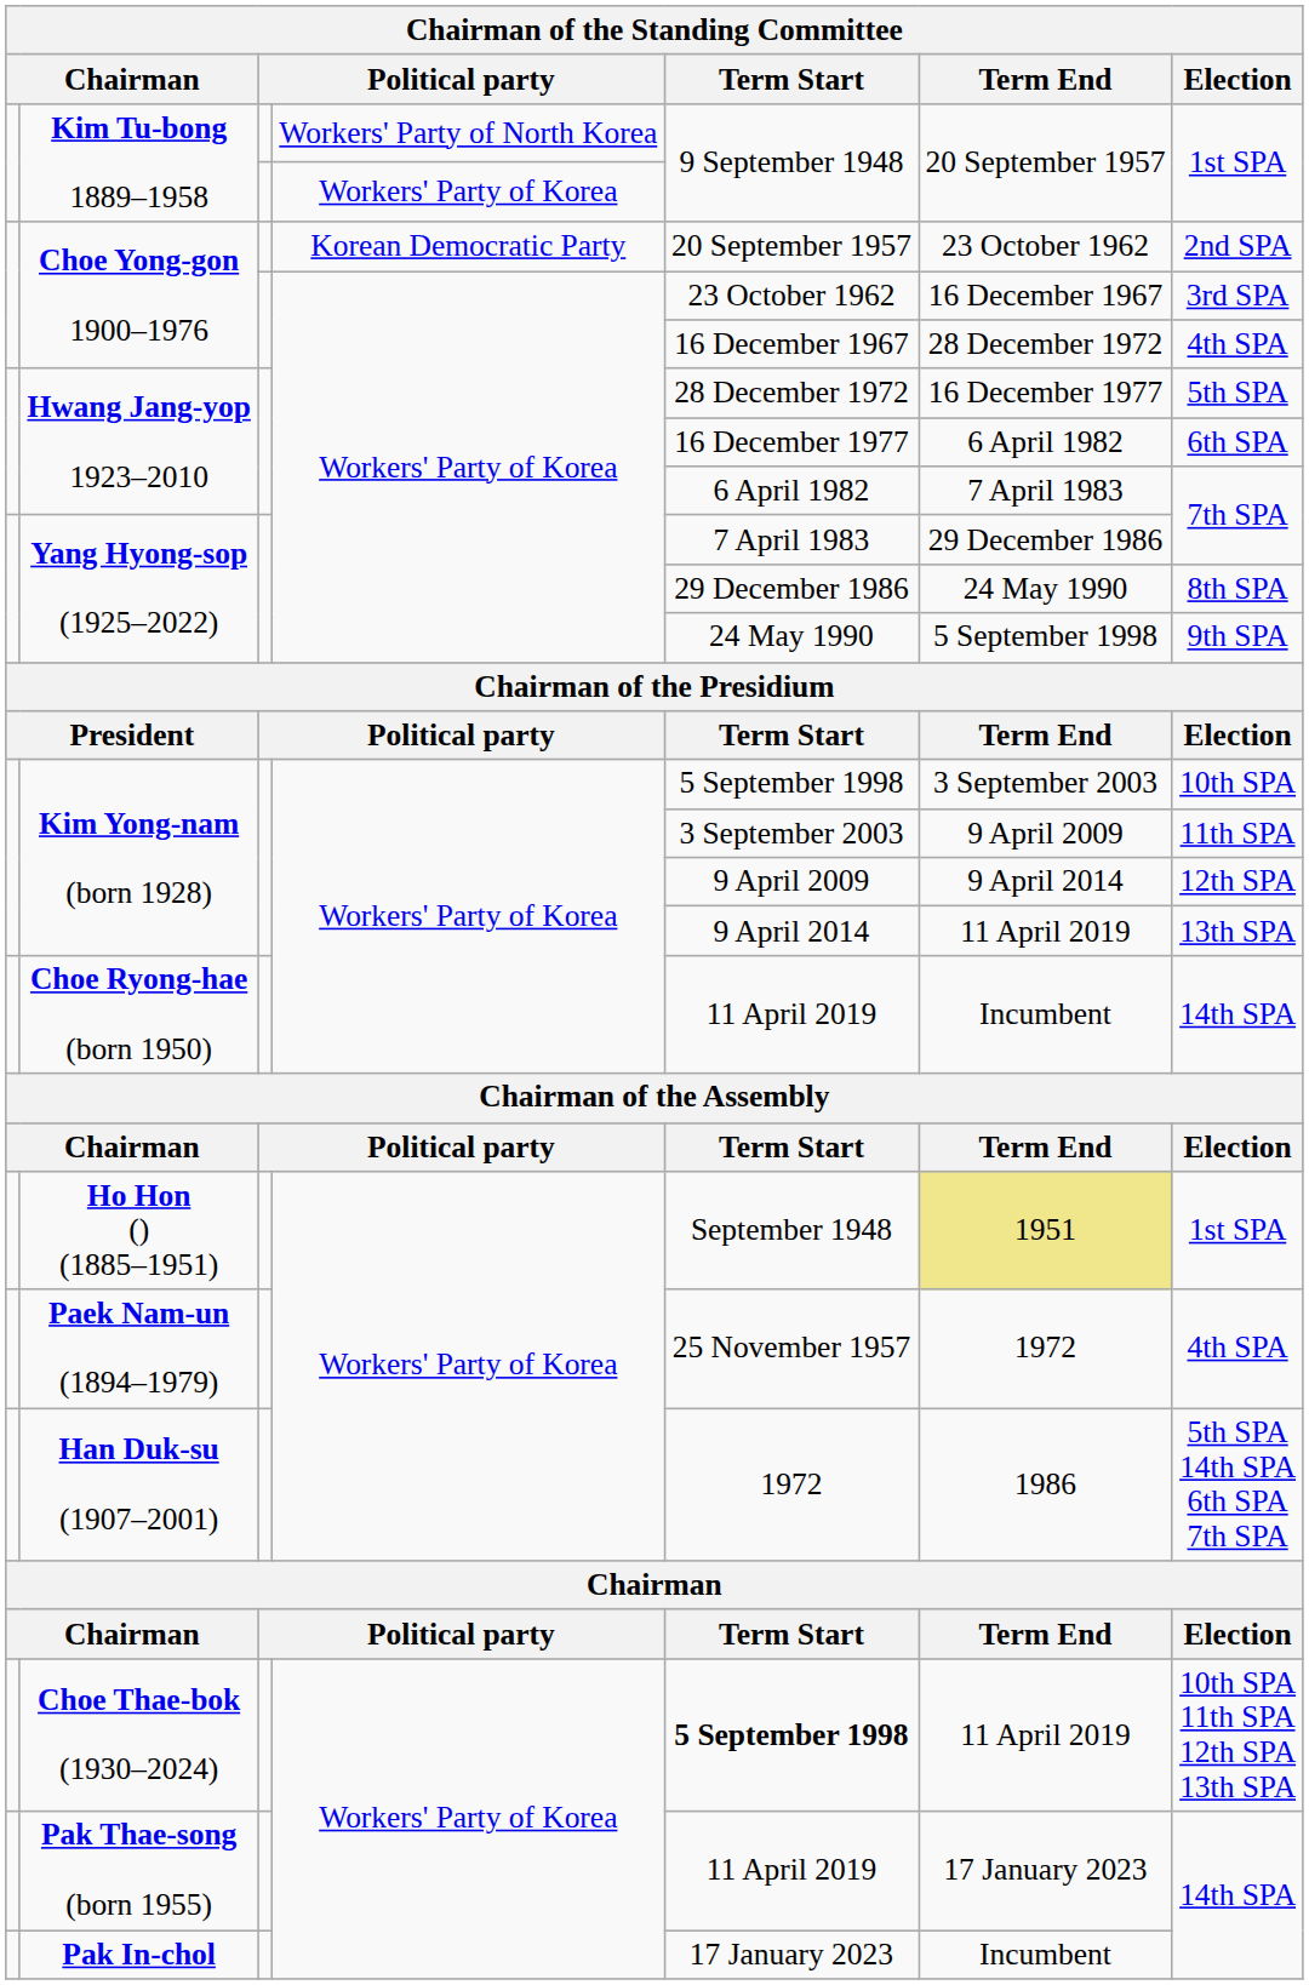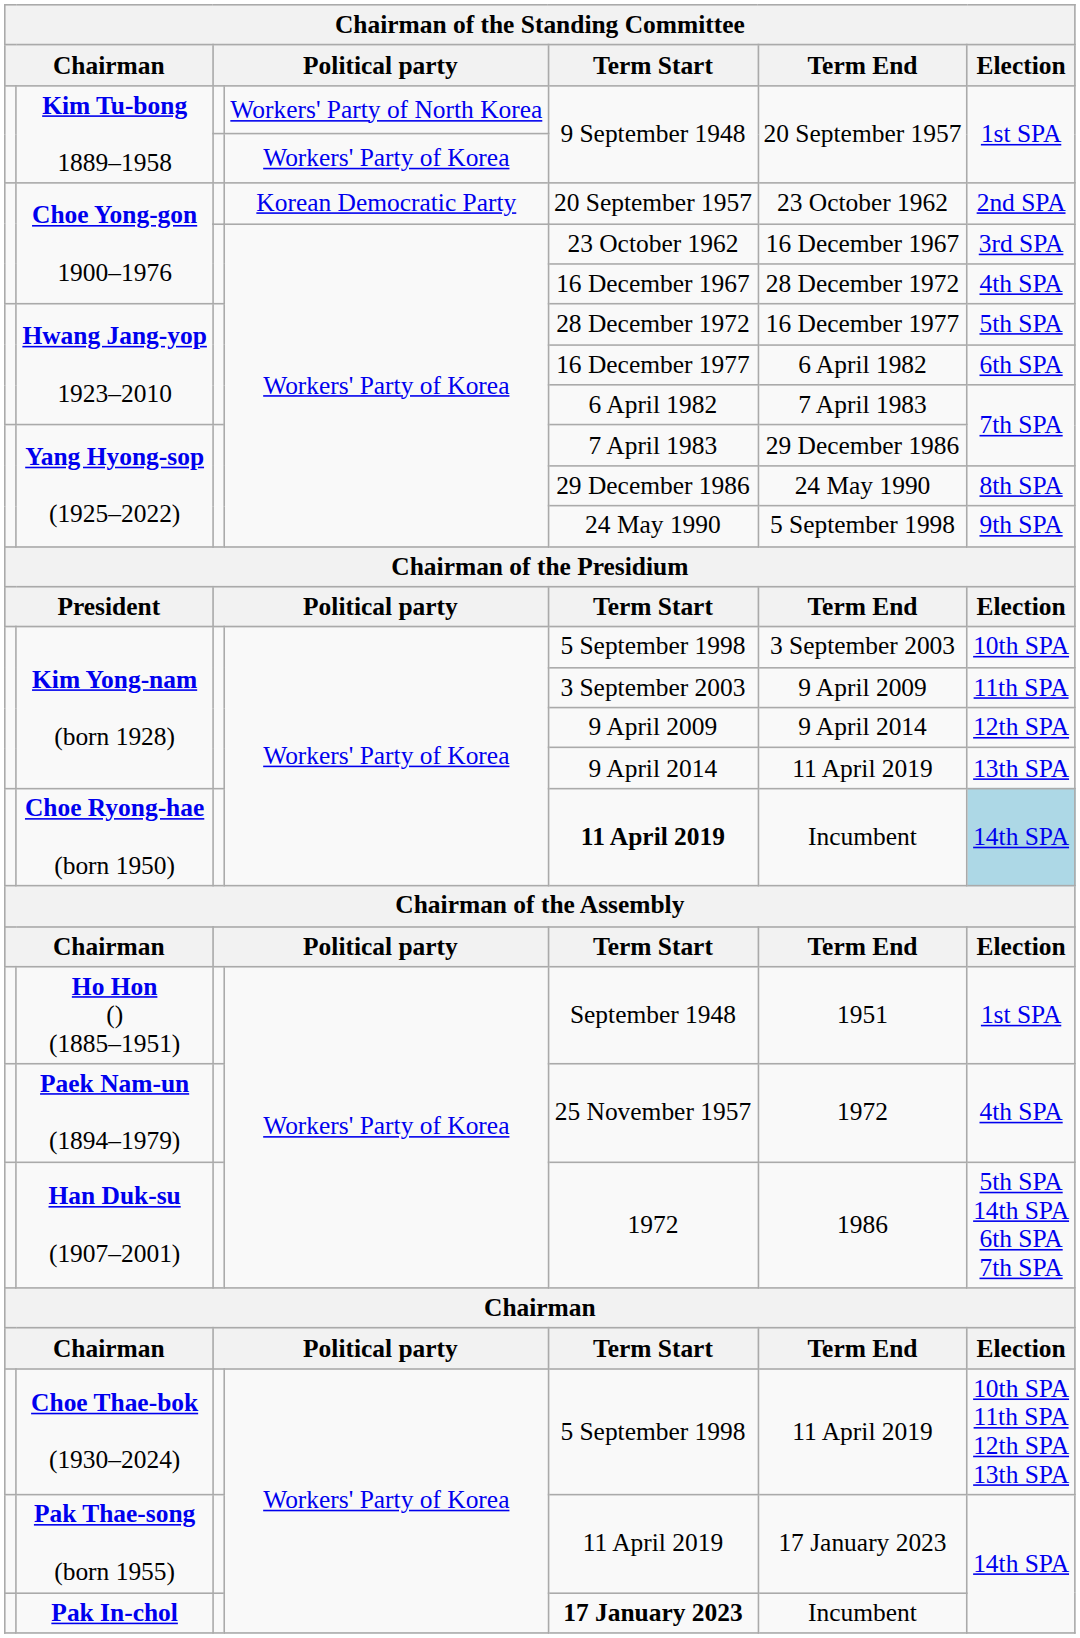 <table class="wikitable" style="text-align:center">
 <tr>
 <th colspan="7"><strong>Chairman of the Standing Committee</strong></th>
 </tr>
 <tr style="background:#cccccc">
 <th colspan=2 align="center" width="0">Chairman</th>
 <th colspan=2 align="center" width="0">Political party</th>
 <th align="center" width="0">Term Start</th>
 <th>Term End</th>
 <th align="center" width="0">Election</th>
 </tr>
 <tr>
 <td rowspan="2"></td>
 <td rowspan="2"><strong><a href='#'>Kim Tu-bong</a></strong><br><br>1889–1958</td>
 <td rowspan="1" style="background:"></td>
 <td rowspan="1"><a href='#'>Workers' Party of North Korea</a></td>
 <td rowspan="2">9 September 1948</td>
 <td rowspan="2">20 September 1957</td>
 <td rowspan="2"><a href='#'>1st SPA</a></td>
 </tr>
 <tr>
 <td rowspan="1" style="background:"></td>
 <td rowspan="1"><a href='#'>Workers' Party of Korea</a></td>
 </tr>
 <tr>
 <td rowspan="4"></td>
 <td rowspan="4"><strong><a href='#'>Choe Yong-gon</a></strong><br><br>1900–1976<br></td>
 <td rowspan="1" style="background:"></td>
 <td rowspan="1"><a href='#'>Korean Democratic Party</a></td>
 <td rowspan="2">20 September 1957</td>
 <td rowspan="2">23 October 1962</td>
 <td rowspan="2"><a href='#'>2nd SPA</a></td>
 </tr>
 <tr>
 <td rowspan="3" style="background:"></td>
 <td rowspan="9"><a href='#'>Workers' Party of Korea</a></td>
 </tr>
 <tr>
 <td rowspan="1">23 October 1962</td>
 <td rowspan="1">16 December 1967</td>
 <td rowspan="1"><a href='#'>3rd SPA</a></td>
 </tr>
 <tr>
 <td rowspan="1">16 December 1967</td>
 <td rowspan="1">28 December 1972</td>
 <td rowspan="1"><a href='#'>4th SPA</a></td>
 </tr>
 <tr>
 <td rowspan="3"></td>
 <td rowspan="3"><strong><a href='#'>Hwang Jang-yop</a></strong><br><br>1923–2010</td>
 <td rowspan="3" style="background:"></td>
 <td rowspan="1">28 December 1972</td>
 <td rowspan="1">16 December 1977</td>
 <td rowspan="1"><a href='#'>5th SPA</a></td>
 </tr>
 <tr>
 <td rowspan="1">16 December 1977</td>
 <td rowspan="1">6 April 1982</td>
 <td rowspan="1"><a href='#'>6th SPA</a></td>
 </tr>
 <tr>
 <td rowspan="1">6 April 1982</td>
 <td rowspan="1">7 April 1983</td>
 <td rowspan="2"><a href='#'>7th SPA</a></td>
 </tr>
 <tr>
 <td rowspan="3"></td>
 <td rowspan="3"><strong><a href='#'>Yang Hyong-sop</a></strong><br><br>(1925–2022)<br></td>
 <td rowspan="3" style="background:"></td>
 <td rowspan="1">7 April 1983</td>
 <td rowspan="1">29 December 1986</td>
 </tr>
 <tr>
 <td rowspan="1">29 December 1986</td>
 <td rowspan="1">24 May 1990</td>
 <td rowspan="1"><a href='#'>8th SPA</a></td>
 </tr>
 <tr>
 <td rowspan="1">24 May 1990</td>
 <td rowspan="1">5 September 1998</td>
 <td rowspan="1"><a href='#'>9th SPA</a></td>
 </tr>
 <tr>
 <th colspan="7"><strong>Chairman of the Presidium</strong></th>
 </tr>
 <tr style="background:#cccccc">
 <th colspan=2 align="center" width="0">President</th>
 <th colspan=2 align="center" width="0">Political party</th>
 <th align="center" width="0">Term Start</th>
 <th>Term End</th>
 <th align="center" width="0">Election</th>
 </tr>
 <tr>
 <td rowspan="4"></td>
 <td rowspan="4"><strong><a href='#'>Kim Yong-nam</a></strong><br><br>(born 1928)<br></td>
 <td rowspan="4" style="background:"></td>
 <td rowspan="5"><a href='#'>Workers' Party of Korea</a></td>
 <td rowspan="1">5 September 1998</td>
 <td rowspan="1">3 September 2003</td>
 <td rowspan="1"><a href='#'>10th SPA</a></td>
 </tr>
 <tr>
 <td rowspan="1">3 September 2003</td>
 <td rowspan="1">9 April 2009</td>
 <td rowspan="1"><a href='#'>11th SPA</a></td>
 </tr>
 <tr>
 <td rowspan="1">9 April 2009</td>
 <td rowspan="1">9 April 2014</td>
 <td rowspan="1"><a href='#'>12th SPA</a></td>
 </tr>
 <tr>
 <td rowspan="1">9 April 2014</td>
 <td rowspan="1">11 April 2019</td>
 <td rowspan="1"><a href='#'>13th SPA</a></td>
 </tr>
 <tr>
 <td rowspan="1"></td>
 <td rowspan="1"><strong><a href='#'>Choe Ryong-hae</a></strong><br><br>(born 1950)</td>
 <td rowspan="1" style="background:"></td>
-<td rowspan="1">11 April 2019</td>
+<td rowspan="1"><strong>11 April 2019</strong></td>
 <td rowspan="1">Incumbent</td>
-<td rowspan="1"><a href='#'>14th SPA</a></td>
+<td rowspan="1" style="background: lightblue;"><a href='#'>14th SPA</a></td>
 </tr>
 <tr>
 <th colspan="7"><strong>Chairman of the Assembly</strong></th>
 </tr>
 <tr style="background:#cccccc">
 <th colspan=2 align="center" width="0">Chairman</th>
 <th colspan=2 align="center" width="0">Political party</th>
 <th align="center" width="0">Term Start</th>
 <th>Term End</th>
 <th align="center" width="0">Election</th>
 </tr>
 <tr>
 <td rowspan="1"></td>
 <td rowspan="1"><strong><a href='#'>Ho Hon</a></strong><br> ()<br>(1885–1951)</td>
 <td rowspan="1" style="background:"></td>
 <td rowspan="3"><a href='#'>Workers' Party of Korea</a></td>
 <td rowspan="1">September 1948</td>
-<td rowspan="1" style="background: khaki;">1951</td>
+<td rowspan="1">1951</td>
 <td rowspan="1"><a href='#'>1st SPA</a></td>
 </tr>
 <tr>
 <td rowspan="1"></td>
 <td rowspan="1"><strong><a href='#'>Paek Nam-un</a></strong><br><br>(1894–1979)</td>
 <td rowspan="1" style="background:"></td>
 <td rowspan="1">25 November 1957</td>
 <td rowspan="1">1972</td>
 <td rowspan="1"><a href='#'>4th SPA</a></td>
 </tr>
 <tr>
 <td rowspan="1"></td>
 <td rowspan="1"><strong><a href='#'>Han Duk-su</a></strong><br><br>(1907–2001)</td>
 <td rowspan="1" style="background:"></td>
 <td rowspan="1">1972</td>
 <td rowspan="1">1986</td>
 <td rowspan="1"><a href='#'>5th SPA</a><br><a href='#'>14th SPA</a><br><a href='#'>6th SPA</a><br><a href='#'>7th SPA</a></td>
 </tr>
 <tr>
 <th colspan="7"><strong>Chairman</strong></th>
 </tr>
 <tr style="background:#cccccc">
 <th colspan=2 align="center" width="0">Chairman</th>
 <th colspan=2 align="center" width="0">Political party</th>
 <th align="center" width="0">Term Start</th>
 <th>Term End</th>
 <th align="center" width="0">Election</th>
 </tr>
 <tr>
 <td rowspan="1"></td>
 <td rowspan="1"><strong><a href='#'>Choe Thae-bok</a></strong><br><br>(1930–2024)</td>
 <td rowspan="1" style="background:"></td>
 <td rowspan="3"><a href='#'>Workers' Party of Korea</a></td>
-<td rowspan="1"><strong>5 September 1998</strong></td>
+<td rowspan="1">5 September 1998</td>
 <td rowspan="1">11 April 2019</td>
 <td rowspan="1"><a href='#'>10th SPA</a><br><a href='#'>11th SPA</a><br><a href='#'>12th SPA</a><br><a href='#'>13th SPA</a><br></td>
 </tr>
 <tr>
 <td rowspan="1"></td>
 <td rowspan="1"><strong><a href='#'>Pak Thae-song</a></strong><br><br>(born 1955)</td>
 <td rowspan="1" style="background:"></td>
 <td rowspan="1">11 April 2019</td>
 <td rowspan="1">17 January 2023</td>
 <td rowspan="2"><a href='#'>14th SPA</a></td>
 </tr>
 <tr>
 <td></td>
 <td rowspan="1"><strong><a href='#'>Pak In-chol</a></strong><br></td>
 <td rowspan="1" style="background:"></td>
-<td rowspan="1">17 January 2023</td>
+<td rowspan="1"><strong>17 January 2023</strong></td>
 <td rowspan="1">Incumbent</td>
 </tr>
 </table>
